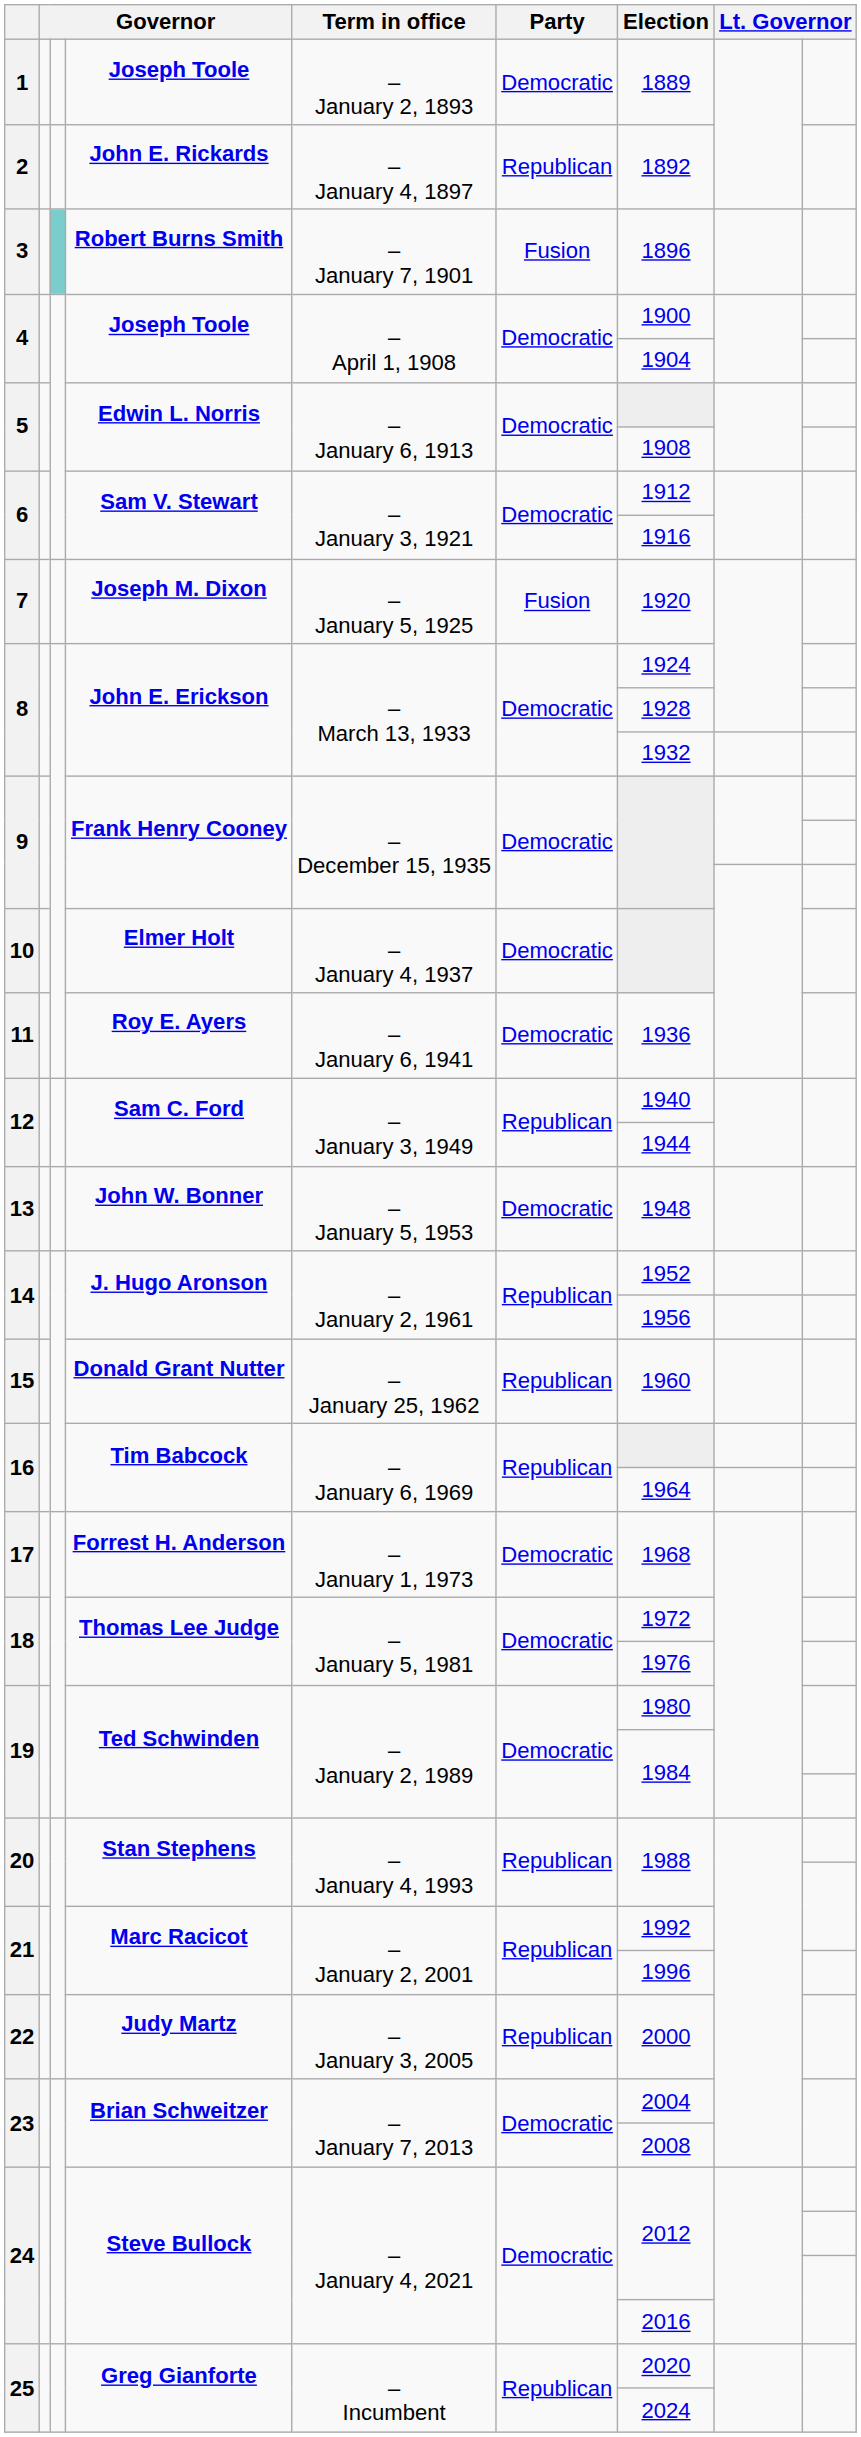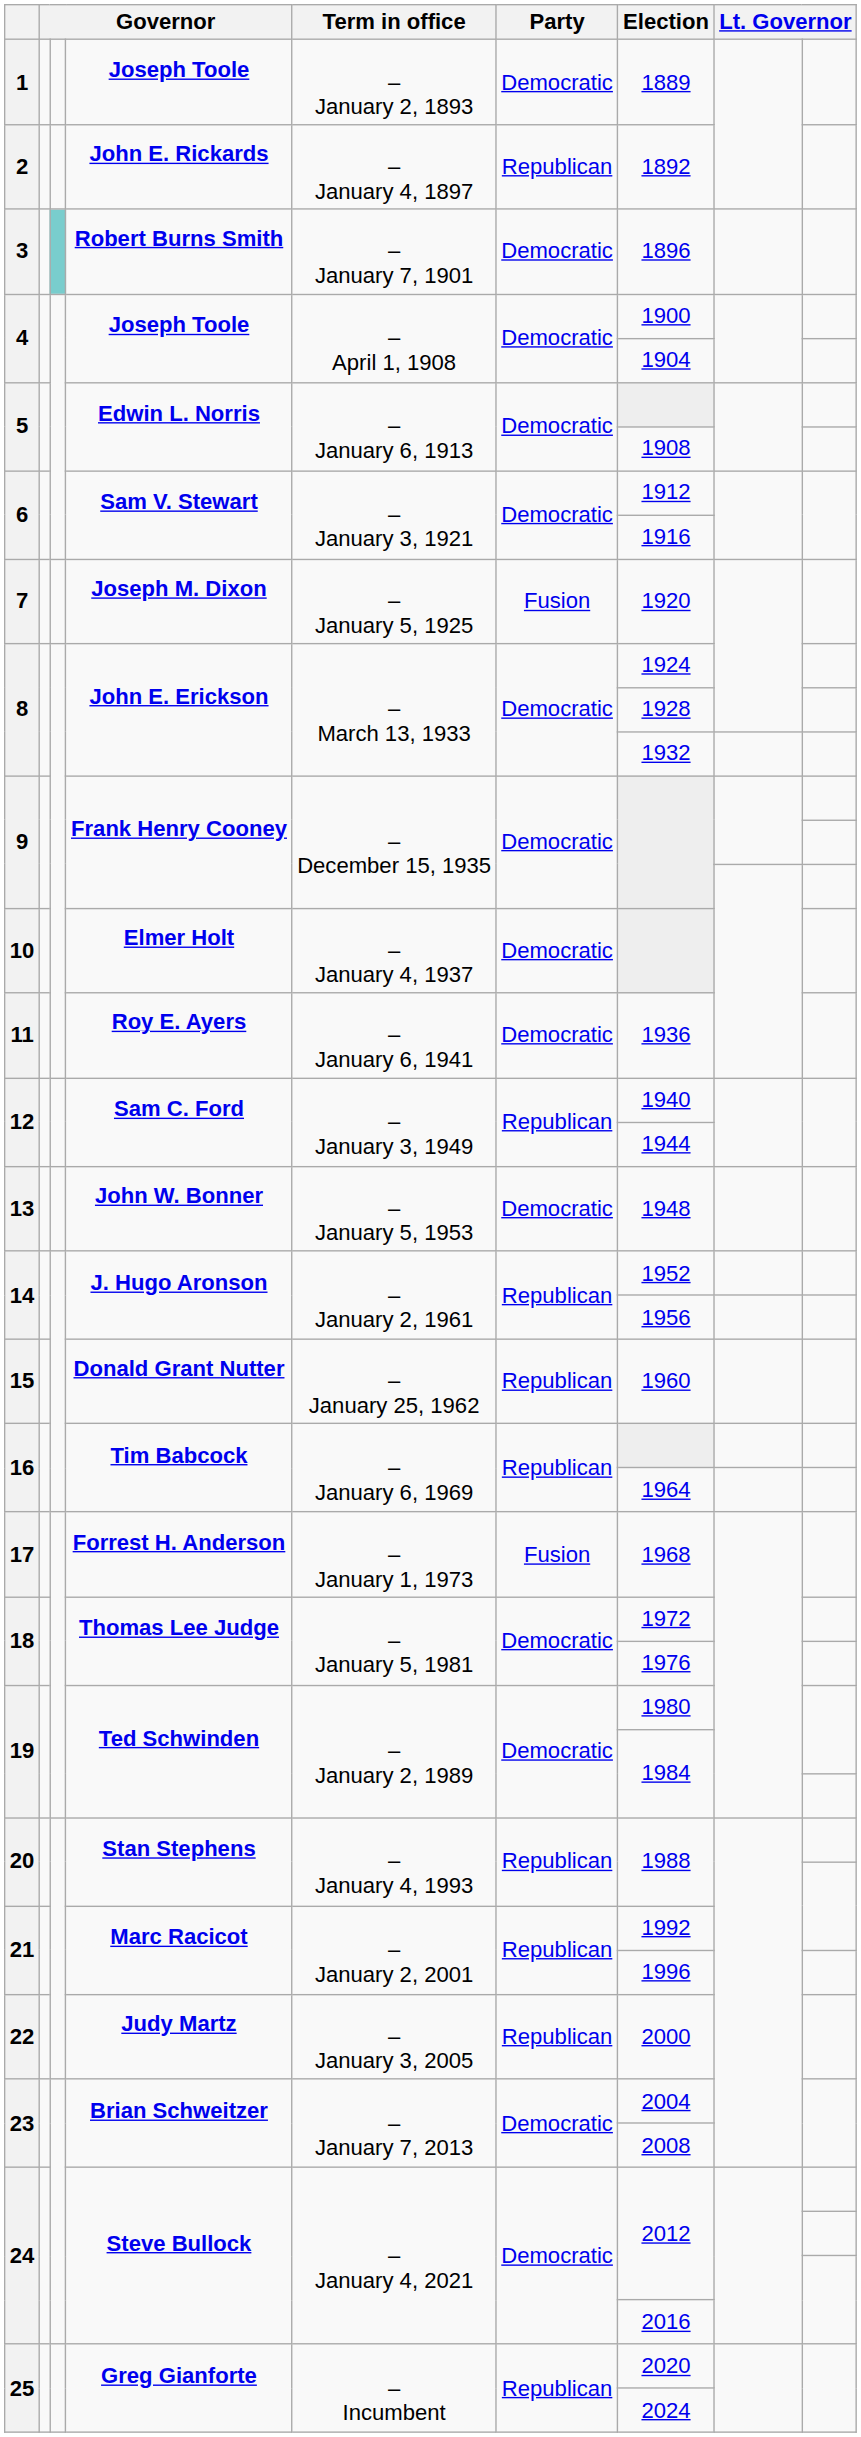 <table class="wikitable sortable mw-collapsible sticky-header-multi" style="text-align:center;">
 <tr>
 <th scope="col" data-sort-type="number"></th>
 <th scope="colgroup" colspan="3">Governor</th>
 <th scope="col">Term in office</th>
 <th scope="col">Party</th>
 <th scope="col">Election</th>
 <th scope="colgroup" colspan="2"><a href='#'>Lt. Governor</a></th>
 </tr>
 <tr style="height:2em;">
 <th scope="row">1</th>
 <td data-sort-value="Toole, Joseph"></td>
 <td style="background: "> </td>
 <td><strong><a href='#'>Joseph Toole</a></strong><br><br></td>
 <td><br>–<br>January 2, 1893<br></td>
 <td><a href='#'>Democratic</a></td>
 <td><a href='#'>1889</a></td>
 <td rowspan="2" style="background: "> </td>
 <td></td>
 </tr>
 <tr style="height:2em;">
 <th scope="row">2</th>
 <td data-sort-value="Rickards, John"></td>
 <td style="color:inherit;background: "></td>
 <td><strong><a href='#'>John E. Rickards</a></strong><br><br></td>
 <td><br>–<br>January 4, 1897<br></td>
 <td><a href='#'>Republican</a></td>
 <td><a href='#'>1892</a></td>
 <td></td>
 </tr>
 <tr style="height:2em;">
 <th scope="row">3</th>
 <td data-sort-value="Smith, Robert"></td>
 <td style="background: #79CDCD;"></td>
 <td><strong><a href='#'>Robert Burns Smith</a></strong><br><br></td>
 <td><br>–<br>January 7, 1901<br></td>
-<td><a href='#'>Fusion</a></td>
+<td><a href='#'>Democratic</a></td>
 <td><a href='#'>1896</a></td>
 <td style="color:inherit;background: "></td>
 <td></td>
 </tr>
 <tr style="height:2em;">
 <th rowspan="2" scope="rowgroup">4</th>
 <td rowspan="2" data-sort-value="Toole, Joseph"></td>
 <td rowspan="6" style="color:inherit;background: "></td>
 <td rowspan="2"><strong><a href='#'>Joseph Toole</a></strong><br><br></td>
 <td rowspan="2"><br>–<br>April 1, 1908<br></td>
 <td rowspan="2"><a href='#'>Democratic</a></td>
 <td><a href='#'>1900</a></td>
 <td rowspan="2" style="color:inherit;background: "></td>
 <td></td>
 </tr>
 <tr style="height:2em;">
 <td><a href='#'>1904</a></td>
 <td></td>
 </tr>
 <tr style="height:2em;">
 <th rowspan="2" scope="rowgroup">5</th>
 <td rowspan="2" data-sort-value="Norris, Edwin"></td>
 <td rowspan="2"><strong><a href='#'>Edwin L. Norris</a></strong><br><br></td>
 <td rowspan="2"><br>–<br>January 6, 1913<br></td>
 <td rowspan="2"><a href='#'>Democratic</a></td>
 <td style="background:#EEEEEE;"></td>
 <td rowspan="2" style="color:inherit;background: "></td>
 <td></td>
 </tr>
 <tr style="height:2em;">
 <td><a href='#'>1908</a></td>
 <td></td>
 </tr>
 <tr style="height:2em;">
 <th rowspan="2" scope="rowgroup">6</th>
 <td rowspan="2" data-sort-value="Stewart, Sam"></td>
 <td rowspan="2"><strong><a href='#'>Sam V. Stewart</a></strong><br><br></td>
 <td rowspan="2"><br>–<br>January 3, 1921<br></td>
 <td rowspan="2"><a href='#'>Democratic</a></td>
 <td><a href='#'>1912</a></td>
 <td rowspan="2" style="color:inherit;background: "></td>
 <td rowspan="2"></td>
 </tr>
 <tr style="height:2em;">
 <td><a href='#'>1916</a></td>
 </tr>
 <tr style="height:2em;">
 <th scope="row">7</th>
 <td data-sort-value="Dixon, Joseph"></td>
 <td style="color:inherit;background: "></td>
 <td><strong><a href='#'>Joseph M. Dixon</a></strong><br><br></td>
 <td><br>–<br>January 5, 1925<br></td>
 <td><a href='#'>Fusion</a></td>
 <td><a href='#'>1920</a></td>
 <td rowspan="3" style="color:inherit;background: "></td>
 <td></td>
 </tr>
 <tr style="height:2em;">
 <th rowspan="3" scope="rowgroup">8</th>
 <td rowspan="3" data-sort-value="Erickson, John"></td>
 <td rowspan="8" style="color:inherit;background: "></td>
 <td rowspan="3"><strong><a href='#'>John E. Erickson</a></strong><br><br></td>
 <td rowspan="3"><br>–<br>March 13, 1933<br></td>
 <td rowspan="3"><a href='#'>Democratic</a></td>
 <td><a href='#'>1924</a></td>
 <td></td>
 </tr>
 <tr style="height:2em;">
 <td><a href='#'>1928</a></td>
 <td></td>
 </tr>
 <tr style="height:2em;">
 <td><a href='#'>1932</a></td>
 <td style="color:inherit;background: "></td>
 <td></td>
 </tr>
 <tr style="height:2em;">
 <th rowspan="3" scope="rowgroup">9</th>
 <td rowspan="3" data-sort-value="Cooney, Frank"></td>
 <td rowspan="3"><strong><a href='#'>Frank Henry Cooney</a></strong><br><br></td>
 <td rowspan="3"><br>–<br>December 15, 1935<br></td>
 <td rowspan="3"><a href='#'>Democratic</a></td>
 <td rowspan="3" style="background:#EEEEEE;"></td>
 <td rowspan="2" style="color:inherit;background: "></td>
 <td></td>
 </tr>
 <tr style="height:2em;">
 <td></td>
 </tr>
 <tr style="height:2em;">
 <td rowspan="3" style="color:inherit;background: "></td>
 <td></td>
 </tr>
 <tr style="height:2em;">
 <th scope="row">10</th>
 <td data-sort-value="Holt, Elmer"></td>
 <td><strong><a href='#'>Elmer Holt</a></strong><br><br></td>
 <td><br>–<br>January 4, 1937<br></td>
 <td><a href='#'>Democratic</a></td>
 <td style="background:#EEEEEE;"></td>
 <td></td>
 </tr>
 <tr style="height:2em;">
 <th scope="row">11</th>
 <td data-sort-value="Ayers, Roy"></td>
 <td><strong><a href='#'>Roy E. Ayers</a></strong><br><br></td>
 <td><br>–<br>January 6, 1941<br></td>
 <td><a href='#'>Democratic</a></td>
 <td><a href='#'>1936</a></td>
 <td></td>
 </tr>
 <tr style="height:2em;">
 <th rowspan="2" scope="rowgroup">12</th>
 <td rowspan="2" data-sort-value="Ford, Sam"></td>
 <td rowspan="2" style="color:inherit;background: "></td>
 <td rowspan="2"><strong><a href='#'>Sam C. Ford</a></strong><br><br></td>
 <td rowspan="2"><br>–<br>January 3, 1949<br></td>
 <td rowspan="2"><a href='#'>Republican</a></td>
 <td><a href='#'>1940</a></td>
 <td rowspan="2" style="color:inherit;background: "></td>
 <td rowspan="2"></td>
 </tr>
 <tr style="height:2em;">
 <td><a href='#'>1944</a></td>
 </tr>
 <tr style="height:2em;">
 <th scope="row">13</th>
 <td data-sort-value="Bonner, John"></td>
 <td style="color:inherit;background: "></td>
 <td><strong><a href='#'>John W. Bonner</a></strong><br><br></td>
 <td><br>–<br>January 5, 1953<br></td>
 <td><a href='#'>Democratic</a></td>
 <td><a href='#'>1948</a></td>
 <td style="color:inherit;background: "></td>
 <td></td>
 </tr>
 <tr style="height:2em;">
 <th rowspan="2" scope="rowgroup">14</th>
 <td rowspan="2" data-sort-value="Aronson, J."></td>
 <td rowspan="5" style="color:inherit;background: "></td>
 <td rowspan="2"><strong><a href='#'>J. Hugo Aronson</a></strong><br><br></td>
 <td rowspan="2"><br>–<br>January 2, 1961<br></td>
 <td rowspan="2"><a href='#'>Republican</a></td>
 <td><a href='#'>1952</a></td>
 <td style="color:inherit;background: "></td>
 <td></td>
 </tr>
 <tr style="height:2em;">
 <td><a href='#'>1956</a></td>
 <td style="color:inherit;background: "></td>
 <td></td>
 </tr>
 <tr style="height:2em;">
 <th scope="row">15</th>
 <td data-sort-value="Nutter, Donald"></td>
 <td><strong><a href='#'>Donald Grant Nutter</a></strong><br><br></td>
 <td><br>–<br>January 25, 1962<br></td>
 <td><a href='#'>Republican</a></td>
 <td><a href='#'>1960</a></td>
 <td style="color:inherit;background: "></td>
 <td></td>
 </tr>
 <tr style="height:2em;">
 <th rowspan="2" scope="rowgroup">16</th>
 <td rowspan="2" data-sort-value="Babock, Tim"></td>
 <td rowspan="2"><strong><a href='#'>Tim Babcock</a></strong><br><br></td>
 <td rowspan="2"><br>–<br>January 6, 1969<br></td>
 <td rowspan="2"><a href='#'>Republican</a></td>
 <td style="background:#EEEEEE;"></td>
 <td style="color:inherit;background: "></td>
 <td></td>
 </tr>
 <tr style="height:2em;">
 <td><a href='#'>1964</a></td>
 <td style="color:inherit;background: "></td>
 <td></td>
 </tr>
 <tr style="height:2em;">
 <th scope="row">17</th>
 <td data-sort-value="Anderson, Forrest"></td>
 <td rowspan="6" style="color:inherit;background: "></td>
 <td><strong><a href='#'>Forrest H. Anderson</a></strong><br><br></td>
 <td><br>–<br>January 1, 1973<br></td>
-<td><a href='#'>Democratic</a></td>
+<td><a href='#'>Fusion</a></td>
 <td><a href='#'>1968</a></td>
 <td rowspan="6" style="color:inherit;background: "></td>
 <td></td>
 </tr>
 <tr style="height:2em;">
 <th rowspan="2" scope="rowgroup">18</th>
 <td rowspan="2" data-sort-value="Judge, Thomas"></td>
 <td rowspan="2"><strong><a href='#'>Thomas Lee Judge</a></strong><br><br></td>
 <td rowspan="2"><br>–<br>January 5, 1981<br></td>
 <td rowspan="2"><a href='#'>Democratic</a></td>
 <td><a href='#'>1972</a></td>
 <td></td>
 </tr>
 <tr style="height:2em;">
 <td><a href='#'>1976</a></td>
 <td></td>
 </tr>
 <tr style="height:2em;">
 <th rowspan="3" scope="rowgroup">19</th>
 <td rowspan="3" data-sort-value="Schwinden, Ted"></td>
 <td rowspan="3"><strong><a href='#'>Ted Schwinden</a></strong><br><br></td>
 <td rowspan="3"><br>–<br>January 2, 1989<br></td>
 <td rowspan="3"><a href='#'>Democratic</a></td>
 <td><a href='#'>1980</a></td>
 <td rowspan="2"></td>
 </tr>
 <tr style="height:2em;">
 <td rowspan="2"><a href='#'>1984</a></td>
 </tr>
 <tr style="height:2em;">
 <td></td>
 </tr>
 <tr style="height:2em;">
 <th rowspan="2" scope="rowgroup">20</th>
 <td rowspan="2" data-sort-value="Stephens, Stan"></td>
 <td rowspan="5" style="color:inherit;background: "></td>
 <td rowspan="2"><strong><a href='#'>Stan Stephens</a></strong><br><br></td>
 <td rowspan="2"><br>–<br>January 4, 1993<br></td>
 <td rowspan="2"><a href='#'>Republican</a></td>
 <td rowspan="2"><a href='#'>1988</a></td>
 <td rowspan="7" style="color:inherit;background: "></td>
 <td></td>
 </tr>
 <tr style="height:2em;">
 <td rowspan="2"></td>
 </tr>
 <tr style="height:2em;">
 <th rowspan="2" scope="rowgroup">21</th>
 <td rowspan="2" data-sort-value="Racicot, Marc"></td>
 <td rowspan="2"><strong><a href='#'>Marc Racicot</a></strong><br><br></td>
 <td rowspan="2"><br>–<br>January 2, 2001<br></td>
 <td rowspan="2"><a href='#'>Republican</a></td>
 <td><a href='#'>1992</a></td>
 </tr>
 <tr style="height:2em;">
 <td><a href='#'>1996</a></td>
 <td></td>
 </tr>
 <tr style="height:2em;">
 <th scope="row">22</th>
 <td data-sort-value="Martz, Judy"></td>
 <td><strong><a href='#'>Judy Martz</a></strong><br><br></td>
 <td><br>–<br>January 3, 2005<br></td>
 <td><a href='#'>Republican</a></td>
 <td><a href='#'>2000</a></td>
 <td></td>
 </tr>
 <tr style="height:2em;">
 <th rowspan="2" scope="rowgroup">23</th>
 <td rowspan="2" data-sort-value="Schweitzer, Brian"></td>
 <td rowspan="6" style="color:inherit;background: "></td>
 <td rowspan="2"><strong><a href='#'>Brian Schweitzer</a></strong><br><br></td>
 <td rowspan="2"><br>–<br>January 7, 2013<br></td>
 <td rowspan="2"><a href='#'>Democratic</a></td>
 <td><a href='#'>2004</a></td>
 <td rowspan="2"></td>
 </tr>
 <tr style="height:2em;">
 <td><a href='#'>2008</a></td>
 </tr>
 <tr style="height:2em;">
 <th rowspan="4" scope="rowgroup">24</th>
 <td rowspan="4" data-sort-value="Bullock, Steve"></td>
 <td rowspan="4"><strong><a href='#'>Steve Bullock</a></strong><br><br></td>
 <td rowspan="4"><br>–<br>January 4, 2021<br></td>
 <td rowspan="4"><a href='#'>Democratic</a></td>
 <td rowspan="3"><a href='#'>2012</a></td>
 <td rowspan="4" style="color:inherit;background: "></td>
 <td></td>
 </tr>
 <tr style="height:2em;">
 <td></td>
 </tr>
 <tr style="height:2em;">
 <td rowspan="2"></td>
 </tr>
 <tr style="height:2em;">
 <td><a href='#'>2016</a></td>
 </tr>
 <tr style="height:2em;">
 <th rowspan="2" scope="rowgroup">25</th>
 <td rowspan="2" data-sort-value="Gianforte, Greg"></td>
 <td rowspan="2" style="color:inherit;background: "></td>
 <td rowspan="2"><strong><a href='#'>Greg Gianforte</a></strong><br><br></td>
 <td rowspan="2"><br>–<br>Incumbent</td>
 <td rowspan="2"><a href='#'>Republican</a></td>
 <td><a href='#'>2020</a></td>
 <td rowspan="2" style="color:inherit;background: "></td>
 <td rowspan="2"></td>
 </tr>
 <tr style="height:2em;">
 <td><a href='#'>2024</a></td>
 </tr>
 </table>
